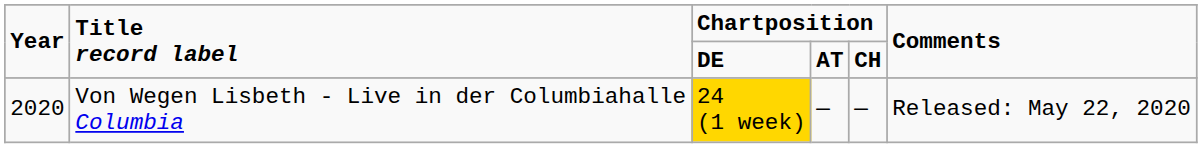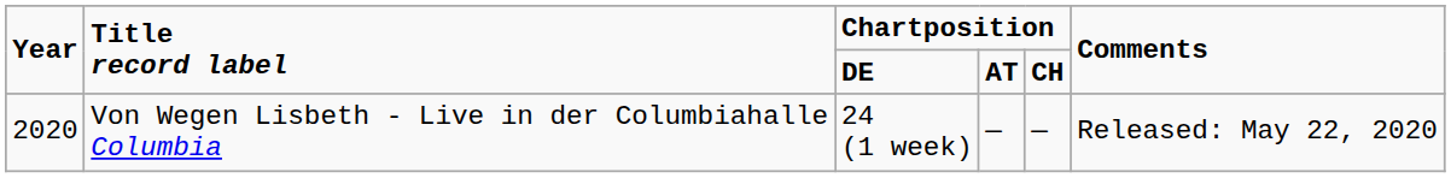 <table class="wikitable">
 <tr>
 <td rowspan="2"><strong>Year</strong></td>
 <td rowspan="2"><strong>Title</strong><br><strong><em>record label</em></strong></td>
 <td colspan="3"><strong>Chartposition</strong></td>
 <td rowspan="2"><strong>Comments</strong></td>
 </tr>
 <tr>
 <td><strong>DE</strong></td>
 <td><strong>AT</strong></td>
 <td><strong>CH</strong></td>
 </tr>
 <tr>
 <td>2020</td>
 <td>Von Wegen Lisbeth - Live in der Columbiahalle<br><em><a href='#'>Columbia</a></em></td>
-<td style="background: gold;">24<br>(1 week)</td>
+<td>24<br>(1 week)</td>
 <td>—</td>
 <td>—</td>
 <td>Released: May 22, 2020</td>
 </tr>
 </table>
